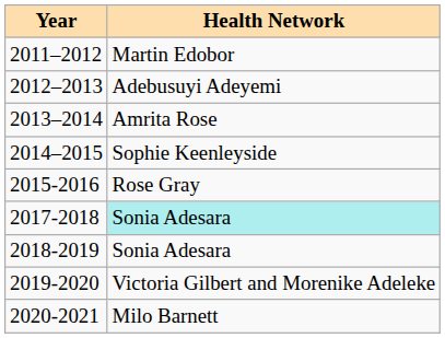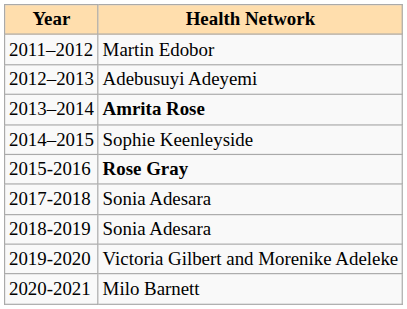 <table class="sortable wikitable" align="center">
 <tr>
 <th style="background:#ffdead;">Year</th>
 <th style="background:#ffdead;">Health Network</th>
 </tr>
 <tr>
 <td>2011–2012</td>
 <td>Martin Edobor</td>
 </tr>
 <tr>
 <td>2012–2013</td>
 <td>Adebusuyi Adeyemi</td>
 </tr>
 <tr>
 <td>2013–2014</td>
-<td>Amrita Rose</td>
+<td><strong>Amrita Rose</strong></td>
 </tr>
 <tr>
 <td>2014–2015</td>
 <td>Sophie Keenleyside</td>
 </tr>
 <tr>
 <td>2015-2016</td>
-<td>Rose Gray</td>
+<td><strong>Rose Gray</strong></td>
 </tr>
 <tr>
 <td>2017-2018</td>
-<td style="background: paleturquoise;">Sonia Adesara</td>
+<td>Sonia Adesara</td>
 </tr>
 <tr>
 <td>2018-2019</td>
 <td>Sonia Adesara</td>
 </tr>
 <tr>
 <td>2019-2020</td>
 <td>Victoria Gilbert and Morenike Adeleke</td>
 </tr>
 <tr>
 <td>2020-2021</td>
 <td>Milo Barnett</td>
 </tr>
 </table>
